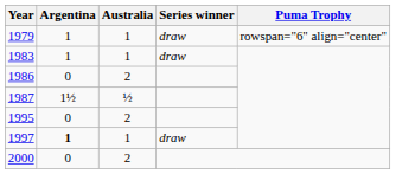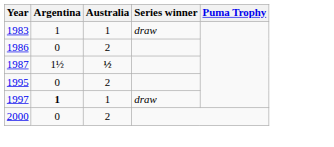 <table class="wikitable">
 <tr>
 <th>Year</th>
 <th>Argentina</th>
 <th>Australia</th>
 <th>Series winner</th>
 <th><a href='#'>Puma Trophy</a></th>
-</tr>
-<tr>
-<td align=center> <a href='#'>1979</a></td>
-<td align="center">1</td>
-<td align="center">1</td>
-<td> <em>draw</em></td>
-<td>rowspan="6" align="center" </td>
 </tr>
 <tr>
 <td align=center> <a href='#'>1983</a></td>
 <td align="center">1</td>
 <td align="center">1</td>
 <td> <em>draw</em></td>
 </tr>
 <tr>
 <td align=center> <a href='#'>1986</a></td>
 <td align="center">0</td>
 <td align="center">2</td>
 <td></td>
 </tr>
 <tr>
 <td align=center> <a href='#'>1987</a></td>
 <td align="center">1½</td>
-<td align="center">½</td>
+<td align="center"><strong>½</strong></td>
 <td></td>
 </tr>
 <tr>
 <td align=center> <a href='#'>1995</a></td>
 <td align="center">0</td>
 <td align="center">2</td>
 <td></td>
 </tr>
 <tr>
 <td align=center> <a href='#'>1997</a></td>
 <td align="center"><strong>1</strong></td>
 <td align="center">1</td>
 <td> <em>draw</em></td>
 </tr>
 <tr>
 <td align=center> <a href='#'>2000</a></td>
 <td align="center">0</td>
 <td align="center">2</td>
 <td colspan=2></td>
 </tr>
 </table>
